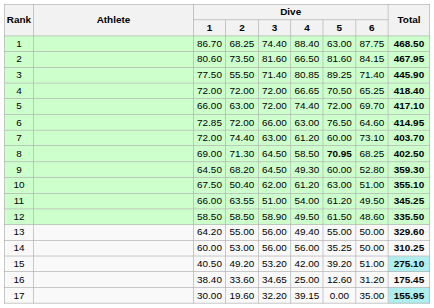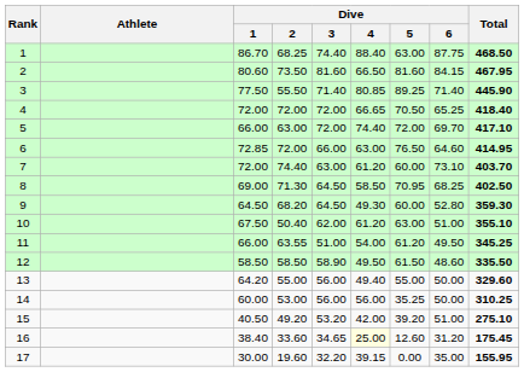 <table class=wikitable style="text-align:center">
 <tr>
 <th rowspan="2" width=40>Rank</th>
 <th rowspan="2" width=250>Athlete</th>
 <th colspan="6">Dive</th>
 <th rowspan="2" width=60>Total</th>
 </tr>
 <tr>
 <th width=45>1</th>
 <th width=45>2</th>
 <th width=45>3</th>
 <th width=45>4</th>
 <th width=45>5</th>
 <th width=45>6</th>
 </tr>
 <tr bgcolor="ccffcc">
 <td>1</td>
 <td align=left></td>
 <td>86.70</td>
 <td>68.25</td>
 <td>74.40</td>
 <td>88.40</td>
 <td>63.00</td>
 <td>87.75</td>
 <td><strong>468.50</strong></td>
 </tr>
 <tr bgcolor="ccffcc">
 <td>2</td>
 <td align=left></td>
 <td>80.60</td>
 <td>73.50</td>
 <td>81.60</td>
 <td>66.50</td>
 <td>81.60</td>
 <td>84.15</td>
 <td><strong>467.95</strong></td>
 </tr>
 <tr bgcolor="ccffcc">
 <td>3</td>
 <td align=left></td>
 <td>77.50</td>
 <td>55.50</td>
 <td>71.40</td>
 <td>80.85</td>
 <td>89.25</td>
 <td>71.40</td>
 <td><strong>445.90</strong></td>
 </tr>
 <tr bgcolor="ccffcc">
 <td>4</td>
 <td align=left></td>
 <td>72.00</td>
 <td>72.00</td>
 <td>72.00</td>
 <td>66.65</td>
 <td>70.50</td>
 <td>65.25</td>
 <td><strong>418.40</strong></td>
 </tr>
 <tr bgcolor="ccffcc">
 <td>5</td>
 <td align=left></td>
 <td>66.00</td>
 <td>63.00</td>
 <td>72.00</td>
 <td>74.40</td>
 <td>72.00</td>
 <td>69.70</td>
 <td><strong>417.10</strong></td>
 </tr>
 <tr bgcolor="ccffcc">
 <td>6</td>
 <td align=left></td>
 <td>72.85</td>
 <td>72.00</td>
 <td>66.00</td>
 <td>63.00</td>
 <td>76.50</td>
 <td>64.60</td>
 <td><strong>414.95</strong></td>
 </tr>
 <tr bgcolor="ccffcc">
 <td>7</td>
 <td align=left></td>
 <td>72.00</td>
 <td>74.40</td>
 <td>63.00</td>
 <td>61.20</td>
 <td>60.00</td>
 <td>73.10</td>
 <td><strong>403.70</strong></td>
 </tr>
 <tr bgcolor="ccffcc">
 <td>8</td>
 <td align=left></td>
 <td>69.00</td>
 <td>71.30</td>
 <td>64.50</td>
 <td>58.50</td>
-<td><strong>70.95</strong></td>
+<td>70.95</td>
 <td>68.25</td>
 <td><strong>402.50</strong></td>
 </tr>
 <tr bgcolor="ccffcc">
 <td>9</td>
 <td align=left></td>
 <td>64.50</td>
 <td>68.20</td>
 <td>64.50</td>
 <td>49.30</td>
 <td>60.00</td>
 <td>52.80</td>
 <td><strong>359.30</strong></td>
 </tr>
 <tr bgcolor="ccffcc">
 <td>10</td>
 <td align=left></td>
 <td>67.50</td>
 <td>50.40</td>
 <td>62.00</td>
 <td>61.20</td>
 <td>63.00</td>
 <td>51.00</td>
 <td><strong>355.10</strong></td>
 </tr>
 <tr bgcolor="ccffcc">
 <td>11</td>
 <td align=left></td>
 <td>66.00</td>
 <td>63.55</td>
 <td>51.00</td>
 <td>54.00</td>
 <td>61.20</td>
 <td>49.50</td>
 <td><strong>345.25</strong></td>
 </tr>
 <tr bgcolor="ccffcc">
 <td>12</td>
 <td align=left></td>
 <td>58.50</td>
 <td>58.50</td>
 <td>58.90</td>
 <td>49.50</td>
 <td>61.50</td>
 <td>48.60</td>
 <td><strong>335.50</strong></td>
 </tr>
 <tr>
 <td>13</td>
 <td align=left></td>
 <td>64.20</td>
 <td>55.00</td>
 <td>56.00</td>
 <td>49.40</td>
 <td>55.00</td>
 <td>50.00</td>
 <td><strong>329.60</strong></td>
 </tr>
 <tr>
 <td>14</td>
 <td align=left></td>
 <td>60.00</td>
 <td>53.00</td>
 <td>56.00</td>
 <td>56.00</td>
 <td>35.25</td>
 <td>50.00</td>
 <td><strong>310.25</strong></td>
 </tr>
 <tr>
 <td>15</td>
 <td align=left></td>
 <td>40.50</td>
 <td>49.20</td>
 <td>53.20</td>
 <td>42.00</td>
 <td>39.20</td>
 <td>51.00</td>
-<td style="background: paleturquoise;"><strong>275.10</strong></td>
+<td><strong>275.10</strong></td>
 </tr>
 <tr>
 <td>16</td>
 <td align=left></td>
 <td>38.40</td>
 <td>33.60</td>
 <td>34.65</td>
-<td>25.00</td>
+<td style="background: lightyellow;">25.00</td>
 <td>12.60</td>
 <td>31.20</td>
 <td><strong>175.45</strong></td>
 </tr>
 <tr>
 <td>17</td>
 <td align=left></td>
 <td>30.00</td>
 <td>19.60</td>
 <td>32.20</td>
 <td>39.15</td>
 <td>0.00</td>
 <td>35.00</td>
-<td style="background: paleturquoise;"><strong>155.95</strong></td>
+<td><strong>155.95</strong></td>
 </tr>
 </table>
